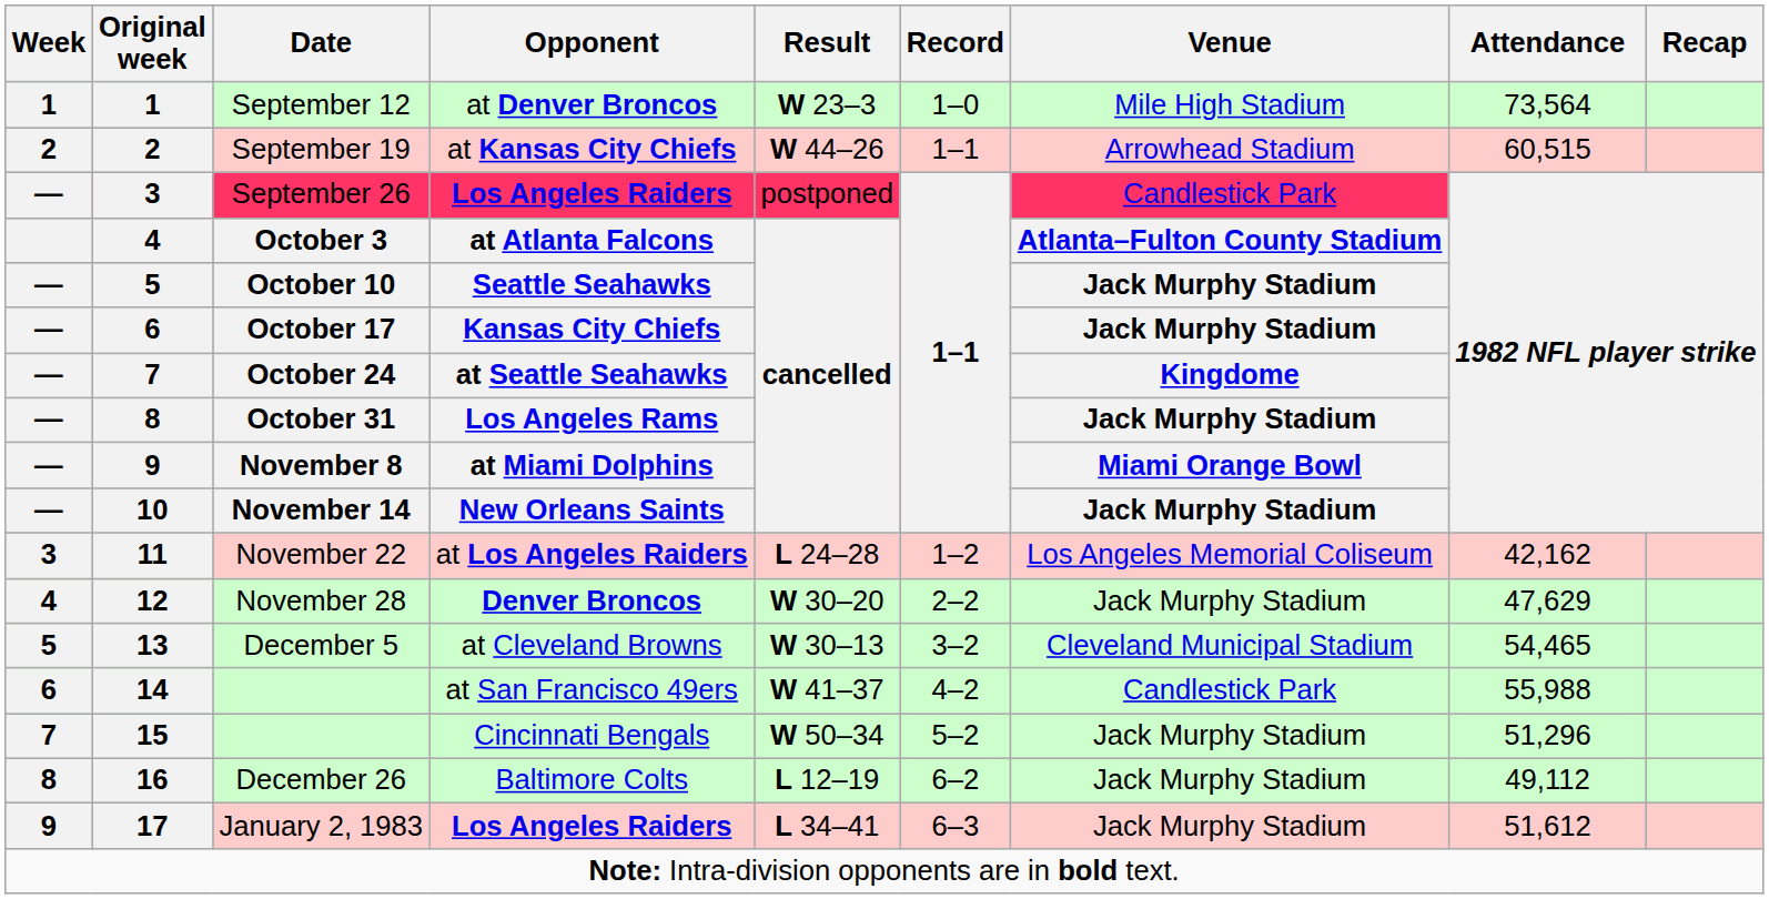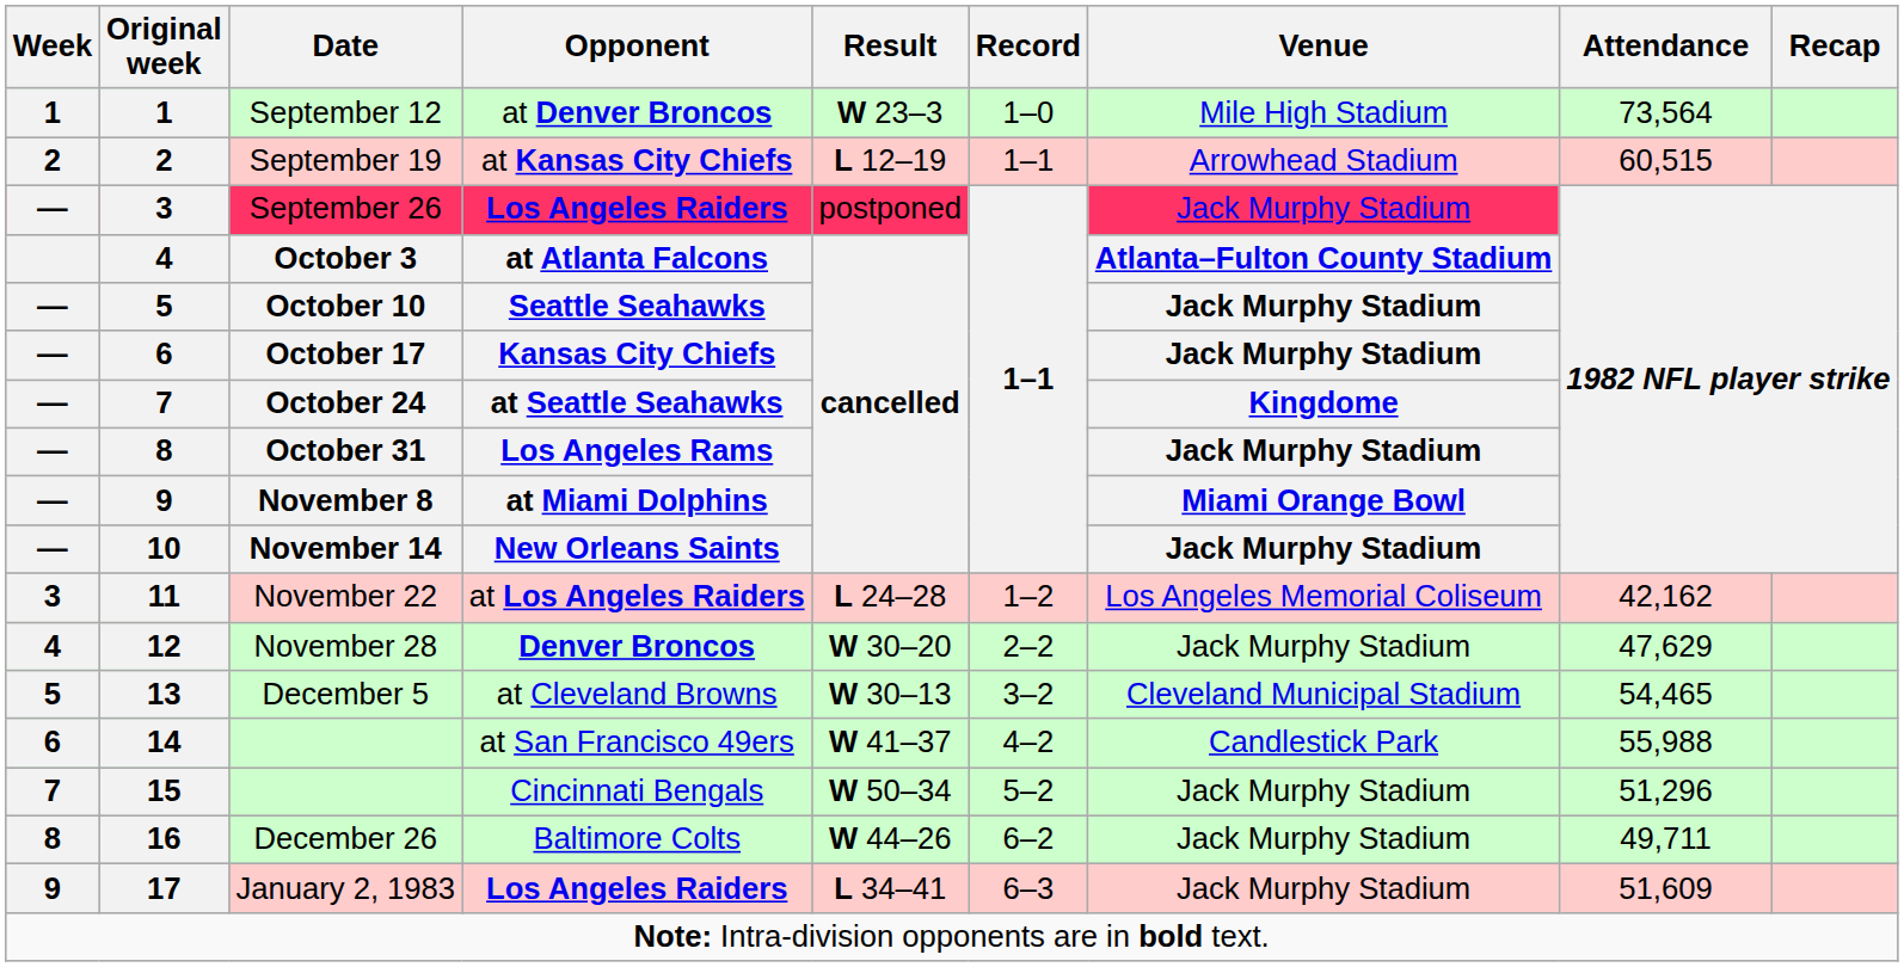 <table class="wikitable" style="text-align:center">
 <tr>
 <th>Week</th>
 <th>Original<br>week</th>
 <th>Date</th>
 <th>Opponent</th>
 <th>Result</th>
 <th>Record</th>
 <th>Venue</th>
 <th>Attendance</th>
 <th>Recap</th>
 </tr>
 <tr style="background:#cfc">
 <th>1</th>
 <th>1</th>
 <td>September 12</td>
 <td>at <strong><a href='#'>Denver Broncos</a></strong></td>
 <td><strong>W</strong> 23–3</td>
 <td>1–0</td>
 <td><a href='#'>Mile High Stadium</a></td>
 <td>73,564</td>
 <td></td>
 </tr>
 <tr style="background:#fcc">
 <th>2</th>
 <th>2</th>
 <td>September 19</td>
 <td>at <strong><a href='#'>Kansas City Chiefs</a></strong></td>
-<td><strong>W</strong> 44–26</td>
+<td><strong>L</strong> 12–19</td>
 <td>1–1</td>
 <td><a href='#'>Arrowhead Stadium</a></td>
 <td>60,515</td>
 <td></td>
 </tr>
 <tr style="background:#F36;">
 <th>—</th>
 <th>3</th>
 <td>September 26</td>
 <td><strong><a href='#'>Los Angeles Raiders</a></strong></td>
 <td>postponed</td>
 <th rowspan="8">1–1</th>
-<td><a href='#'>Candlestick Park</a></td>
+<td><a href='#'>Jack Murphy Stadium</a></td>
 <th colspan="2" rowspan="8"><strong><em>1982 NFL player strike</em></strong></th>
 </tr>
 <tr>
 <th></th>
 <th>4</th>
 <th>October 3</th>
 <th>at <a href='#'>Atlanta Falcons</a></th>
 <th rowspan="7">cancelled</th>
 <th><a href='#'>Atlanta–Fulton County Stadium</a></th>
 </tr>
 <tr>
 <th>—</th>
 <th>5</th>
 <th>October 10</th>
 <th><strong><a href='#'>Seattle Seahawks</a></strong></th>
 <th>Jack Murphy Stadium</th>
 </tr>
 <tr>
 <th>—</th>
 <th>6</th>
 <th>October 17</th>
 <th><strong><a href='#'>Kansas City Chiefs</a></strong></th>
 <th>Jack Murphy Stadium</th>
 </tr>
 <tr>
 <th>—</th>
 <th>7</th>
 <th>October 24</th>
 <th>at <strong><a href='#'>Seattle Seahawks</a></strong></th>
 <th><a href='#'>Kingdome</a></th>
 </tr>
 <tr>
 <th>—</th>
 <th>8</th>
 <th>October 31</th>
 <th><a href='#'>Los Angeles Rams</a></th>
 <th>Jack Murphy Stadium</th>
 </tr>
 <tr>
 <th>—</th>
 <th>9</th>
 <th>November 8</th>
 <th>at <a href='#'>Miami Dolphins</a></th>
 <th><a href='#'>Miami Orange Bowl</a></th>
 </tr>
 <tr>
 <th>—</th>
 <th>10</th>
 <th>November 14</th>
 <th><a href='#'>New Orleans Saints</a></th>
 <th>Jack Murphy Stadium</th>
 </tr>
 <tr style="background:#fcc">
 <th>3</th>
 <th>11</th>
 <td>November 22</td>
 <td>at <strong><a href='#'>Los Angeles Raiders</a></strong></td>
 <td><strong>L</strong> 24–28</td>
 <td>1–2</td>
 <td><a href='#'>Los Angeles Memorial Coliseum</a></td>
 <td>42,162</td>
 <td></td>
 </tr>
 <tr style="background:#cfc">
 <th>4</th>
 <th>12</th>
 <td>November 28</td>
 <td><strong><a href='#'>Denver Broncos</a></strong></td>
 <td><strong>W</strong> 30–20</td>
 <td>2–2</td>
 <td>Jack Murphy Stadium</td>
 <td>47,629</td>
 <td></td>
 </tr>
 <tr style="background:#cfc">
 <th>5</th>
 <th>13</th>
 <td>December 5</td>
 <td>at <a href='#'>Cleveland Browns</a></td>
 <td><strong>W</strong> 30–13</td>
 <td>3–2</td>
 <td><a href='#'>Cleveland Municipal Stadium</a></td>
 <td>54,465</td>
 <td></td>
 </tr>
 <tr style="background:#cfc">
 <th>6</th>
 <th>14</th>
 <td></td>
 <td>at <a href='#'>San Francisco 49ers</a></td>
 <td><strong>W</strong> 41–37</td>
 <td>4–2</td>
 <td><a href='#'>Candlestick Park</a></td>
 <td>55,988</td>
 <td></td>
 </tr>
 <tr style="background:#cfc">
 <th>7</th>
 <th>15</th>
 <td></td>
 <td><a href='#'>Cincinnati Bengals</a></td>
 <td><strong>W</strong> 50–34</td>
 <td>5–2</td>
 <td>Jack Murphy Stadium</td>
 <td>51,296</td>
 <td></td>
 </tr>
 <tr style="background:#cfc">
 <th>8</th>
 <th>16</th>
 <td>December 26</td>
 <td><a href='#'>Baltimore Colts</a></td>
-<td><strong>L</strong> 12–19</td>
+<td><strong>W</strong> 44–26</td>
 <td>6–2</td>
 <td>Jack Murphy Stadium</td>
-<td>49,112</td>
+<td>49,711</td>
 <td></td>
 </tr>
 <tr style="background:#fcc">
 <th>9</th>
 <th>17</th>
 <td>January 2, 1983</td>
 <td><strong><a href='#'>Los Angeles Raiders</a></strong></td>
 <td><strong>L</strong> 34–41</td>
 <td>6–3</td>
 <td>Jack Murphy Stadium</td>
-<td>51,612</td>
+<td>51,609</td>
 <td></td>
 </tr>
 <tr>
 <td colspan="9"><strong>Note:</strong> Intra-division opponents are in <strong>bold</strong> text.</td>
 </tr>
 </table>
